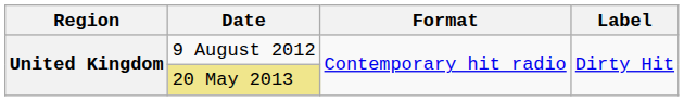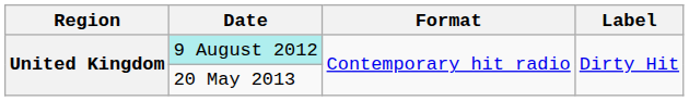 <table class="wikitable plainrowheaders">
 <tr>
 <th scope="col">Region</th>
 <th scope="col">Date</th>
 <th scope="col">Format</th>
 <th scope="col">Label</th>
 </tr>
 <tr>
 <th scope="row" rowspan="2">United Kingdom</th>
-<td>9 August 2012</td>
+<td style="background: paleturquoise;">9 August 2012</td>
 <td rowspan="2"><a href='#'>Contemporary hit radio</a></td>
 <td rowspan="2"><a href='#'>Dirty Hit</a></td>
 </tr>
 <tr>
-<td style="background: khaki;">20 May 2013</td>
+<td>20 May 2013</td>
 </tr>
 </table>
